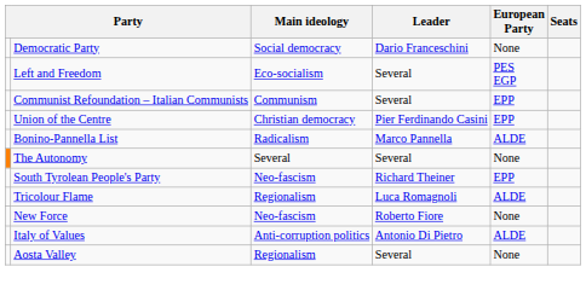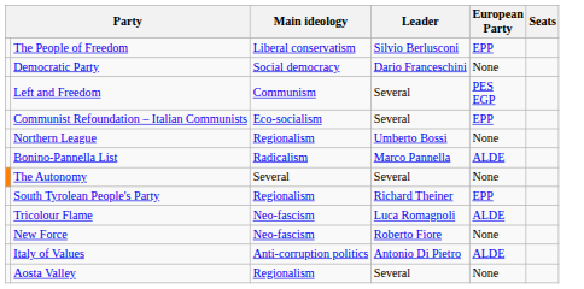 <table class="wikitable" style=text-align:left>
 <tr>
 <th colspan=2>Party</th>
 <th>Main ideology</th>
 <th>Leader</th>
 <th>European <br> Party</th>
 <th>Seats</th>
+</tr>
+<tr>
+<td></td>
+<td><a href='#'>The People of Freedom</a></td>
+<td><a href='#'>Liberal conservatism</a></td>
+<td><a href='#'>Silvio Berlusconi</a></td>
+<td><a href='#'>EPP</a></td>
+<td></td>
 </tr>
 <tr>
 <td></td>
 <td><a href='#'>Democratic Party</a></td>
 <td><a href='#'>Social democracy</a></td>
 <td><a href='#'>Dario Franceschini</a></td>
 <td>None</td>
 <td></td>
 </tr>
 <tr>
 <td></td>
 <td><a href='#'>Left and Freedom</a></td>
-<td><a href='#'>Eco-socialism</a></td>
+<td><a href='#'>Communism</a></td>
 <td>Several</td>
 <td><a href='#'>PES</a><br><a href='#'>EGP</a></td>
 <td></td>
 </tr>
 <tr>
 <td></td>
 <td><a href='#'>Communist Refoundation – Italian Communists</a></td>
-<td><a href='#'>Communism</a></td>
+<td><a href='#'>Eco-socialism</a></td>
 <td>Several</td>
 <td><a href='#'>EPP</a></td>
 <td></td>
 </tr>
 <tr>
 <td></td>
-<td><a href='#'>Union of the Centre</a></td>
-<td><a href='#'>Christian democracy</a></td>
-<td><a href='#'>Pier Ferdinando Casini</a></td>
-<td><a href='#'>EPP</a></td>
+<td><a href='#'>Northern League</a></td>
+<td><a href='#'>Regionalism</a></td>
+<td><a href='#'>Umberto Bossi</a></td>
+<td>None</td>
 <td></td>
 </tr>
 <tr>
 <td></td>
 <td><a href='#'>Bonino-Pannella List</a></td>
 <td><a href='#'>Radicalism</a></td>
 <td><a href='#'>Marco Pannella</a></td>
 <td><a href='#'>ALDE</a></td>
 <td></td>
 </tr>
 <tr>
 <td bgcolor="#FF8000"></td>
 <td><a href='#'>The Autonomy</a></td>
 <td>Several</td>
 <td>Several</td>
 <td>None</td>
 <td></td>
 </tr>
 <tr>
 <td></td>
 <td><a href='#'>South Tyrolean People's Party</a></td>
-<td><a href='#'>Neo-fascism</a></td>
+<td><a href='#'>Regionalism</a></td>
 <td><a href='#'>Richard Theiner</a></td>
 <td><a href='#'>EPP</a></td>
 <td></td>
 </tr>
 <tr>
 <td></td>
 <td><a href='#'>Tricolour Flame</a></td>
-<td><a href='#'>Regionalism</a></td>
+<td><a href='#'>Neo-fascism</a></td>
 <td><a href='#'>Luca Romagnoli</a></td>
 <td><a href='#'>ALDE</a></td>
 <td></td>
 </tr>
 <tr>
 <td></td>
 <td><a href='#'>New Force</a></td>
 <td><a href='#'>Neo-fascism</a></td>
 <td><a href='#'>Roberto Fiore</a></td>
 <td>None</td>
 <td></td>
 </tr>
 <tr>
 <td></td>
 <td><a href='#'>Italy of Values</a></td>
 <td><a href='#'>Anti-corruption politics</a></td>
 <td><a href='#'>Antonio Di Pietro</a></td>
 <td><a href='#'>ALDE</a></td>
 <td></td>
 </tr>
 <tr>
 <td></td>
 <td><a href='#'>Aosta Valley</a></td>
 <td><a href='#'>Regionalism</a></td>
 <td>Several</td>
 <td>None</td>
 <td></td>
 </tr>
 </table>
